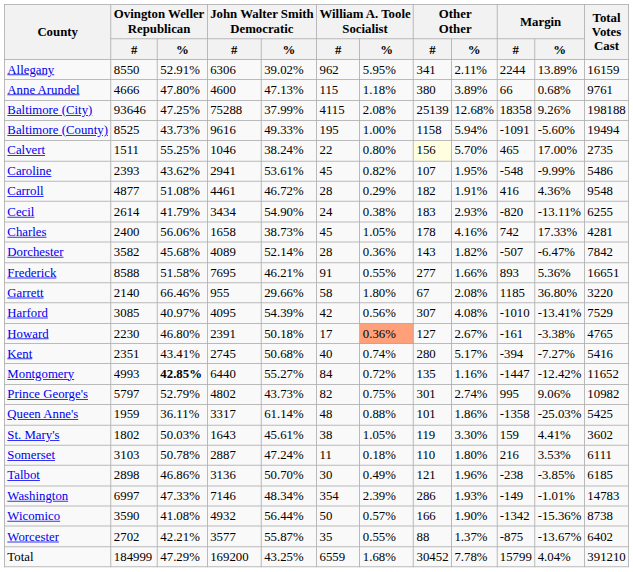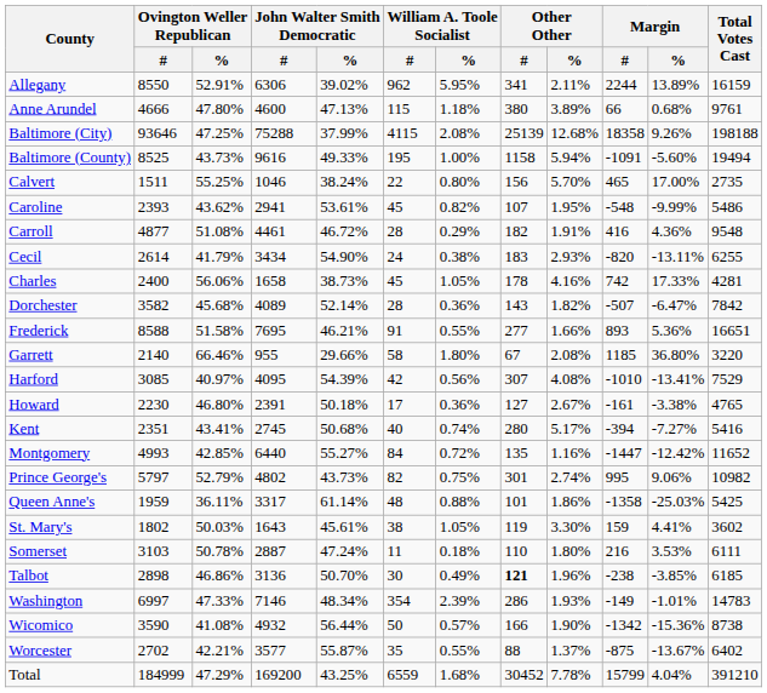 <table class="wikitable sortable">
 <tr>
 <th rowspan="2">County</th>
 <th colspan="2" >Ovington Weller<br>Republican</th>
 <th colspan="2" >John Walter Smith<br>Democratic</th>
 <th colspan="2" >William A. Toole<br>Socialist</th>
 <th colspan="2" >Other<br>Other</th>
 <th colspan="2">Margin</th>
 <th rowspan="2">Total<br>Votes<br>Cast</th>
 </tr>
 <tr>
 <th>#</th>
 <th>%</th>
 <th>#</th>
 <th>%</th>
 <th>#</th>
 <th>%</th>
 <th>#</th>
 <th>%</th>
 <th>#</th>
 <th>%</th>
 </tr>
 <tr>
 <td><a href='#'>Allegany</a></td>
 <td>8550</td>
 <td>52.91%</td>
 <td>6306</td>
 <td>39.02%</td>
 <td>962</td>
 <td>5.95%</td>
 <td>341</td>
 <td>2.11%</td>
 <td>2244</td>
 <td>13.89%</td>
 <td>16159</td>
 </tr>
 <tr>
 <td><a href='#'>Anne Arundel</a></td>
 <td>4666</td>
 <td>47.80%</td>
 <td>4600</td>
 <td>47.13%</td>
 <td>115</td>
 <td>1.18%</td>
 <td>380</td>
 <td>3.89%</td>
 <td>66</td>
 <td>0.68%</td>
 <td>9761</td>
 </tr>
 <tr>
 <td><a href='#'>Baltimore (City)</a></td>
 <td>93646</td>
 <td>47.25%</td>
 <td>75288</td>
 <td>37.99%</td>
 <td>4115</td>
 <td>2.08%</td>
 <td>25139</td>
 <td>12.68%</td>
 <td>18358</td>
 <td>9.26%</td>
 <td>198188</td>
 </tr>
 <tr>
 <td><a href='#'>Baltimore (County)</a></td>
 <td>8525</td>
 <td>43.73%</td>
 <td>9616</td>
 <td>49.33%</td>
 <td>195</td>
 <td>1.00%</td>
 <td>1158</td>
 <td>5.94%</td>
 <td>-1091</td>
 <td>-5.60%</td>
 <td>19494</td>
 </tr>
 <tr>
 <td><a href='#'>Calvert</a></td>
 <td>1511</td>
 <td>55.25%</td>
 <td>1046</td>
 <td>38.24%</td>
 <td>22</td>
 <td>0.80%</td>
-<td style="background: lightyellow;">156</td>
+<td>156</td>
 <td>5.70%</td>
 <td>465</td>
 <td>17.00%</td>
 <td>2735</td>
 </tr>
 <tr>
 <td><a href='#'>Caroline</a></td>
 <td>2393</td>
 <td>43.62%</td>
 <td>2941</td>
 <td>53.61%</td>
 <td>45</td>
 <td>0.82%</td>
 <td>107</td>
 <td>1.95%</td>
 <td>-548</td>
 <td>-9.99%</td>
 <td>5486</td>
 </tr>
 <tr>
 <td><a href='#'>Carroll</a></td>
 <td>4877</td>
 <td>51.08%</td>
 <td>4461</td>
 <td>46.72%</td>
 <td>28</td>
 <td>0.29%</td>
 <td>182</td>
 <td>1.91%</td>
 <td>416</td>
 <td>4.36%</td>
 <td>9548</td>
 </tr>
 <tr>
 <td><a href='#'>Cecil</a></td>
 <td>2614</td>
 <td>41.79%</td>
 <td>3434</td>
 <td>54.90%</td>
 <td>24</td>
 <td>0.38%</td>
 <td>183</td>
 <td>2.93%</td>
 <td>-820</td>
 <td>-13.11%</td>
 <td>6255</td>
 </tr>
 <tr>
 <td><a href='#'>Charles</a></td>
 <td>2400</td>
 <td>56.06%</td>
 <td>1658</td>
 <td>38.73%</td>
 <td>45</td>
 <td>1.05%</td>
 <td>178</td>
 <td>4.16%</td>
 <td>742</td>
 <td>17.33%</td>
 <td>4281</td>
 </tr>
 <tr>
 <td><a href='#'>Dorchester</a></td>
 <td>3582</td>
 <td>45.68%</td>
 <td>4089</td>
 <td>52.14%</td>
 <td>28</td>
 <td>0.36%</td>
 <td>143</td>
 <td>1.82%</td>
 <td>-507</td>
 <td>-6.47%</td>
 <td>7842</td>
 </tr>
 <tr>
 <td><a href='#'>Frederick</a></td>
 <td>8588</td>
 <td>51.58%</td>
 <td>7695</td>
 <td>46.21%</td>
 <td>91</td>
 <td>0.55%</td>
 <td>277</td>
 <td>1.66%</td>
 <td>893</td>
 <td>5.36%</td>
 <td>16651</td>
 </tr>
 <tr>
 <td><a href='#'>Garrett</a></td>
 <td>2140</td>
 <td>66.46%</td>
 <td>955</td>
 <td>29.66%</td>
 <td>58</td>
 <td>1.80%</td>
 <td>67</td>
 <td>2.08%</td>
 <td>1185</td>
 <td>36.80%</td>
 <td>3220</td>
 </tr>
 <tr>
 <td><a href='#'>Harford</a></td>
 <td>3085</td>
 <td>40.97%</td>
 <td>4095</td>
 <td>54.39%</td>
 <td>42</td>
 <td>0.56%</td>
 <td>307</td>
 <td>4.08%</td>
 <td>-1010</td>
 <td>-13.41%</td>
 <td>7529</td>
 </tr>
 <tr>
 <td><a href='#'>Howard</a></td>
 <td>2230</td>
 <td>46.80%</td>
 <td>2391</td>
 <td>50.18%</td>
 <td>17</td>
-<td style="background: lightsalmon;">0.36%</td>
+<td>0.36%</td>
 <td>127</td>
 <td>2.67%</td>
 <td>-161</td>
 <td>-3.38%</td>
 <td>4765</td>
 </tr>
 <tr>
 <td><a href='#'>Kent</a></td>
 <td>2351</td>
 <td>43.41%</td>
 <td>2745</td>
 <td>50.68%</td>
 <td>40</td>
 <td>0.74%</td>
 <td>280</td>
 <td>5.17%</td>
 <td>-394</td>
 <td>-7.27%</td>
 <td>5416</td>
 </tr>
 <tr>
 <td><a href='#'>Montgomery</a></td>
 <td>4993</td>
-<td><strong>42.85%</strong></td>
+<td>42.85%</td>
 <td>6440</td>
 <td>55.27%</td>
 <td>84</td>
 <td>0.72%</td>
 <td>135</td>
 <td>1.16%</td>
 <td>-1447</td>
 <td>-12.42%</td>
 <td>11652</td>
 </tr>
 <tr>
 <td><a href='#'>Prince George's</a></td>
 <td>5797</td>
 <td>52.79%</td>
 <td>4802</td>
 <td>43.73%</td>
 <td>82</td>
 <td>0.75%</td>
 <td>301</td>
 <td>2.74%</td>
 <td>995</td>
 <td>9.06%</td>
 <td>10982</td>
 </tr>
 <tr>
 <td><a href='#'>Queen Anne's</a></td>
 <td>1959</td>
 <td>36.11%</td>
 <td>3317</td>
 <td>61.14%</td>
 <td>48</td>
 <td>0.88%</td>
 <td>101</td>
 <td>1.86%</td>
 <td>-1358</td>
 <td>-25.03%</td>
 <td>5425</td>
 </tr>
 <tr>
 <td><a href='#'>St. Mary's</a></td>
 <td>1802</td>
 <td>50.03%</td>
 <td>1643</td>
 <td>45.61%</td>
 <td>38</td>
 <td>1.05%</td>
 <td>119</td>
 <td>3.30%</td>
 <td>159</td>
 <td>4.41%</td>
 <td>3602</td>
 </tr>
 <tr>
 <td><a href='#'>Somerset</a></td>
 <td>3103</td>
 <td>50.78%</td>
 <td>2887</td>
 <td>47.24%</td>
 <td>11</td>
 <td>0.18%</td>
 <td>110</td>
 <td>1.80%</td>
 <td>216</td>
 <td>3.53%</td>
 <td>6111</td>
 </tr>
 <tr>
 <td><a href='#'>Talbot</a></td>
 <td>2898</td>
 <td>46.86%</td>
 <td>3136</td>
 <td>50.70%</td>
 <td>30</td>
 <td>0.49%</td>
-<td>121</td>
+<td><strong>121</strong></td>
 <td>1.96%</td>
 <td>-238</td>
 <td>-3.85%</td>
 <td>6185</td>
 </tr>
 <tr>
 <td><a href='#'>Washington</a></td>
 <td>6997</td>
 <td>47.33%</td>
 <td>7146</td>
 <td>48.34%</td>
 <td>354</td>
 <td>2.39%</td>
 <td>286</td>
 <td>1.93%</td>
 <td>-149</td>
 <td>-1.01%</td>
 <td>14783</td>
 </tr>
 <tr>
 <td><a href='#'>Wicomico</a></td>
 <td>3590</td>
 <td>41.08%</td>
 <td>4932</td>
 <td>56.44%</td>
 <td>50</td>
 <td>0.57%</td>
 <td>166</td>
 <td>1.90%</td>
 <td>-1342</td>
 <td>-15.36%</td>
 <td>8738</td>
 </tr>
 <tr>
 <td><a href='#'>Worcester</a></td>
 <td>2702</td>
 <td>42.21%</td>
 <td>3577</td>
 <td>55.87%</td>
 <td>35</td>
 <td>0.55%</td>
 <td>88</td>
 <td>1.37%</td>
 <td>-875</td>
 <td>-13.67%</td>
 <td>6402</td>
 </tr>
 <tr>
 <td>Total</td>
 <td>184999</td>
 <td>47.29%</td>
 <td>169200</td>
 <td>43.25%</td>
 <td>6559</td>
 <td>1.68%</td>
 <td>30452</td>
 <td>7.78%</td>
 <td>15799</td>
 <td>4.04%</td>
 <td>391210</td>
 </tr>
 </table>
